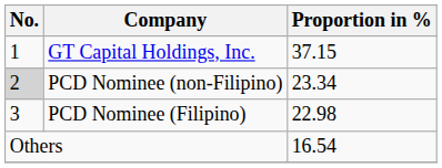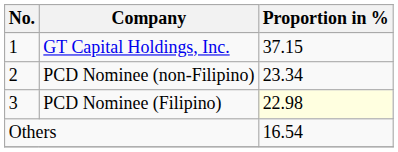 <table class="wikitable sortable">
 <tr>
 <th>No.</th>
 <th>Company</th>
 <th>Proportion in %</th>
 </tr>
 <tr>
 <td>1</td>
 <td><a href='#'>GT Capital Holdings, Inc.</a></td>
 <td>37.15</td>
 </tr>
 <tr>
-<td style="background: lightgrey;">2</td>
+<td>2</td>
 <td>PCD Nominee (non-Filipino)</td>
 <td>23.34</td>
 </tr>
 <tr>
 <td>3</td>
 <td>PCD Nominee (Filipino)</td>
-<td>22.98</td>
+<td style="background: lightyellow;">22.98</td>
 </tr>
 <tr>
 <td colspan=2>Others</td>
 <td>16.54</td>
 </tr>
 <tr>
 </tr>
 </table>
